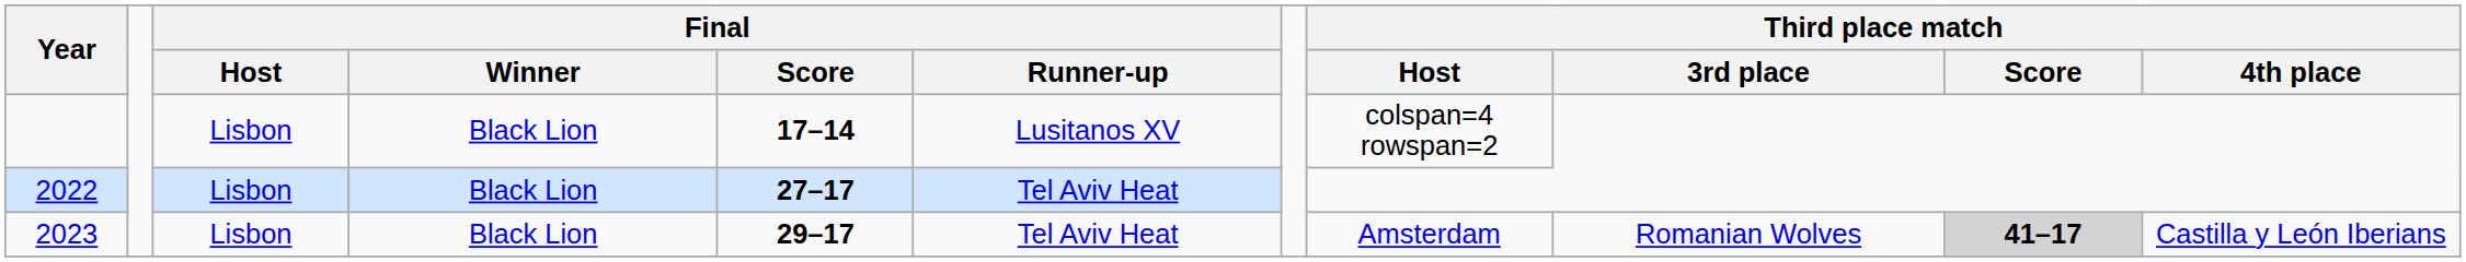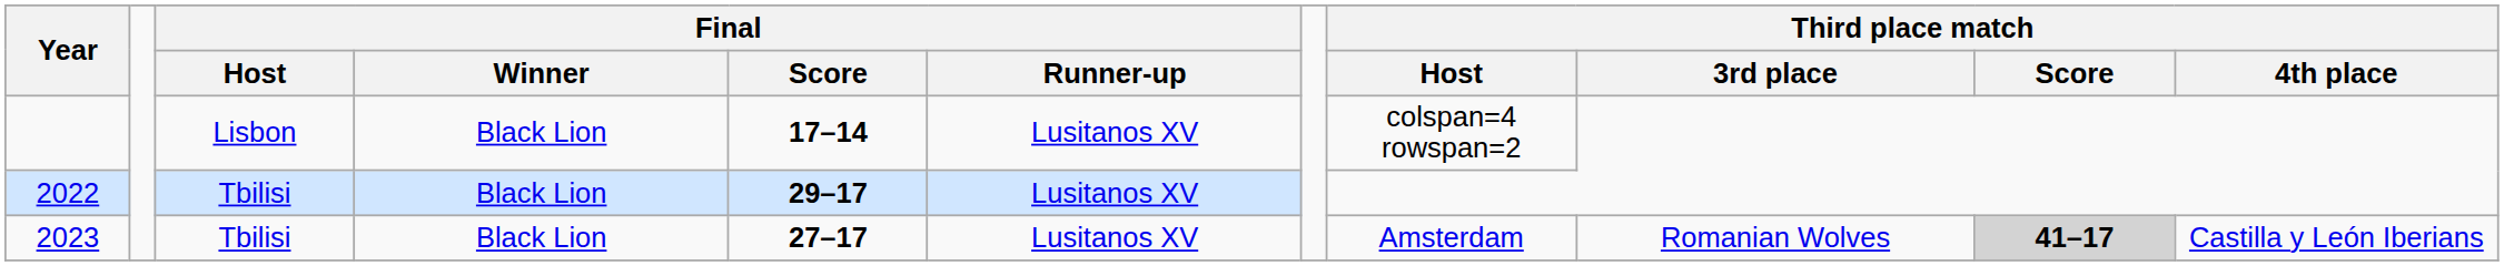 <table class="wikitable" style="font-size:90%; width: 80%; text-align: center;">
 <tr>
 <th width=5% rowspan=2>Year</th>
 <td width=1% rowspan=5></td>
 <th colspan=4>Final</th>
 <td width=1% rowspan=5></td>
 <th colspan=4>Third place match</th>
 </tr>
 <tr>
 <th width=8%>Host</th>
 <th width=15%>Winner</th>
 <th width=8%>Score</th>
 <th width=15%>Runner-up</th>
 <th width=10%>Host</th>
 <th width=16%>3rd place</th>
 <th width=8%>Score</th>
 <th width=16%>4th place</th>
 </tr>
 <tr>
 <td></td>
 <td><a href='#'>Lisbon</a></td>
 <td> <a href='#'>Black Lion</a></td>
 <td><strong>17–14</strong></td>
 <td> <a href='#'>Lusitanos XV</a></td>
 <td>colspan=4 rowspan=2 </td>
 </tr>
 <tr style="background: #D0E6FF;">
 <td><a href='#'>2022</a></td>
-<td><a href='#'>Lisbon</a></td>
+<td><a href='#'>Tbilisi</a></td>
 <td> <a href='#'>Black Lion</a></td>
-<td><strong>27–17</strong></td>
-<td> <a href='#'>Tel Aviv Heat</a></td>
+<td><strong>29–17</strong></td>
+<td> <a href='#'>Lusitanos XV</a></td>
 </tr>
 <tr>
 <td><a href='#'>2023</a></td>
-<td><a href='#'>Lisbon</a></td>
+<td><a href='#'>Tbilisi</a></td>
 <td> <a href='#'>Black Lion</a></td>
-<td><strong>29–17</strong></td>
-<td> <a href='#'>Tel Aviv Heat</a></td>
+<td><strong>27–17</strong></td>
+<td> <a href='#'>Lusitanos XV</a></td>
 <td><a href='#'>Amsterdam</a></td>
 <td> <a href='#'>Romanian Wolves</a></td>
 <td style="background: lightgrey;"><strong>41–17</strong></td>
 <td> <a href='#'>Castilla y León Iberians</a></td>
 </tr>
 </table>
